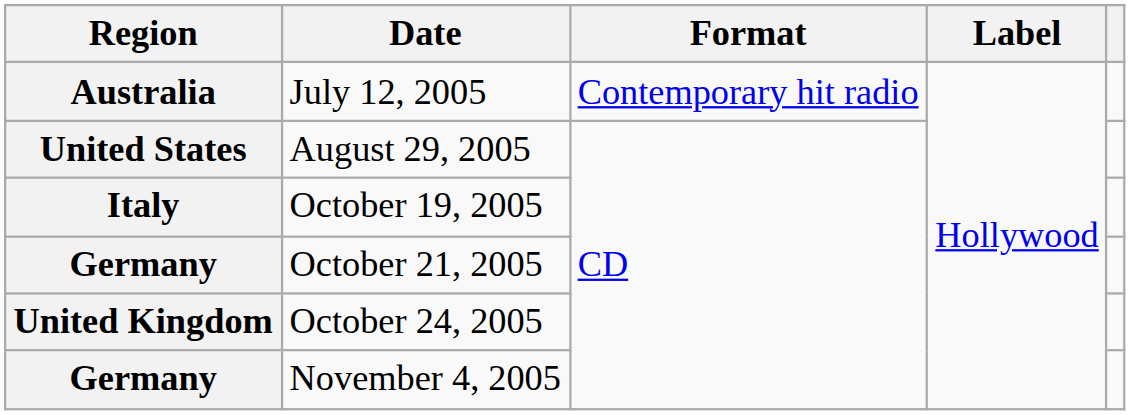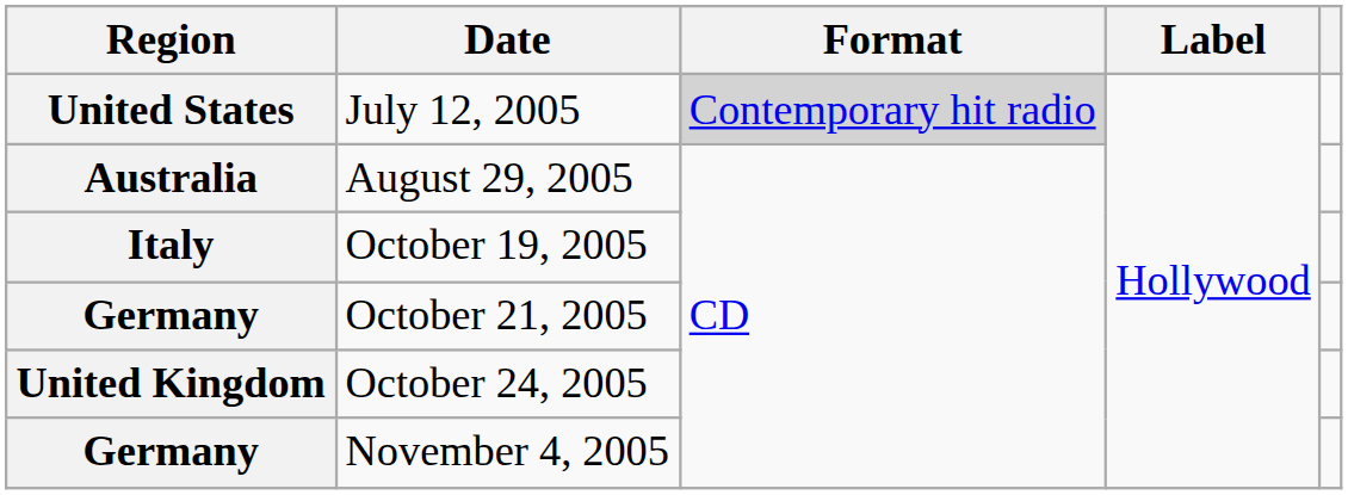 <table class="wikitable plainrowheaders">
 <tr>
 <th scope="col">Region</th>
 <th scope="col">Date</th>
 <th scope="col">Format</th>
 <th scope="col">Label</th>
 <th scope="col"></th>
 </tr>
 <tr>
-<th scope="row">Australia</th>
+<th scope="row">United States</th>
 <td>July 12, 2005</td>
-<td><a href='#'>Contemporary hit radio</a></td>
+<td style="background: lightgrey;"><a href='#'>Contemporary hit radio</a></td>
 <td rowspan="6"><a href='#'>Hollywood</a></td>
 <td align="center"></td>
 </tr>
 <tr>
-<th scope="row">United States</th>
+<th scope="row">Australia</th>
 <td>August 29, 2005</td>
 <td rowspan="5"><a href='#'>CD</a></td>
 <td align="center"></td>
 </tr>
 <tr>
 <th scope="row">Italy</th>
 <td>October 19, 2005</td>
 <td align="center"></td>
 </tr>
 <tr>
 <th scope="row">Germany</th>
 <td>October 21, 2005</td>
 <td align="center"></td>
 </tr>
 <tr>
 <th scope="row">United Kingdom</th>
 <td>October 24, 2005</td>
 <td align="center"></td>
 </tr>
 <tr>
 <th scope="row">Germany</th>
 <td>November 4, 2005</td>
 <td align="center"></td>
 </tr>
 </table>
